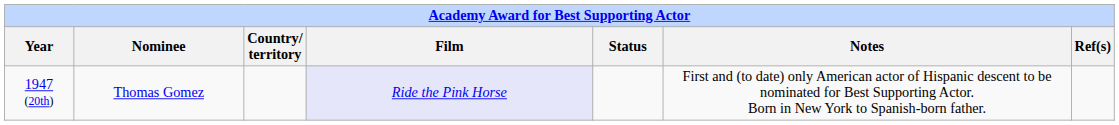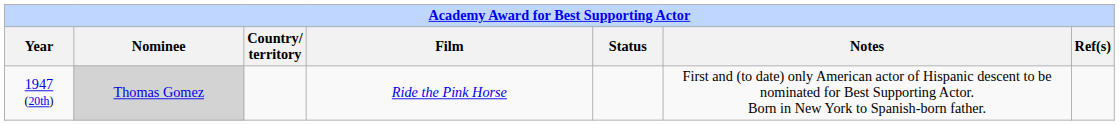 <table class="wikitable" style="text-align: center">
 <tr style="background:#bfd7ff;">
 <td colspan="7" style="text-align:center;"><strong><a href='#'>Academy Award for Best Supporting Actor</a></strong></td>
 </tr>
 <tr style="background:#ebf5ff;">
 <th style="width:75px;">Year</th>
 <th style="width:200px;">Nominee</th>
 <th style="width:50px;">Country/<br>territory</th>
 <th style="width:350px;">Film</th>
 <th style="width:75px;">Status</th>
 <th style="width:500px;">Notes</th>
 <th width="3">Ref(s)</th>
 </tr>
 <tr>
 <td style="text-align: center"><a href='#'>1947</a><br><small>(<a href='#'>20th</a>)</small></td>
-<td><a href='#'>Thomas Gomez</a></td>
+<td style="background: lightgrey;"><a href='#'>Thomas Gomez</a></td>
 <td><div></div></td>
-<td style="background: lavender;"><em><a href='#'>Ride the Pink Horse</a></em></td>
+<td><em><a href='#'>Ride the Pink Horse</a></em></td>
 <td></td>
 <td>First and (to date) only American actor of Hispanic descent to be nominated for Best Supporting Actor.<br>Born in New York to Spanish-born father.</td>
 <td style="text-align: center"></td>
 </tr>
 </table>
